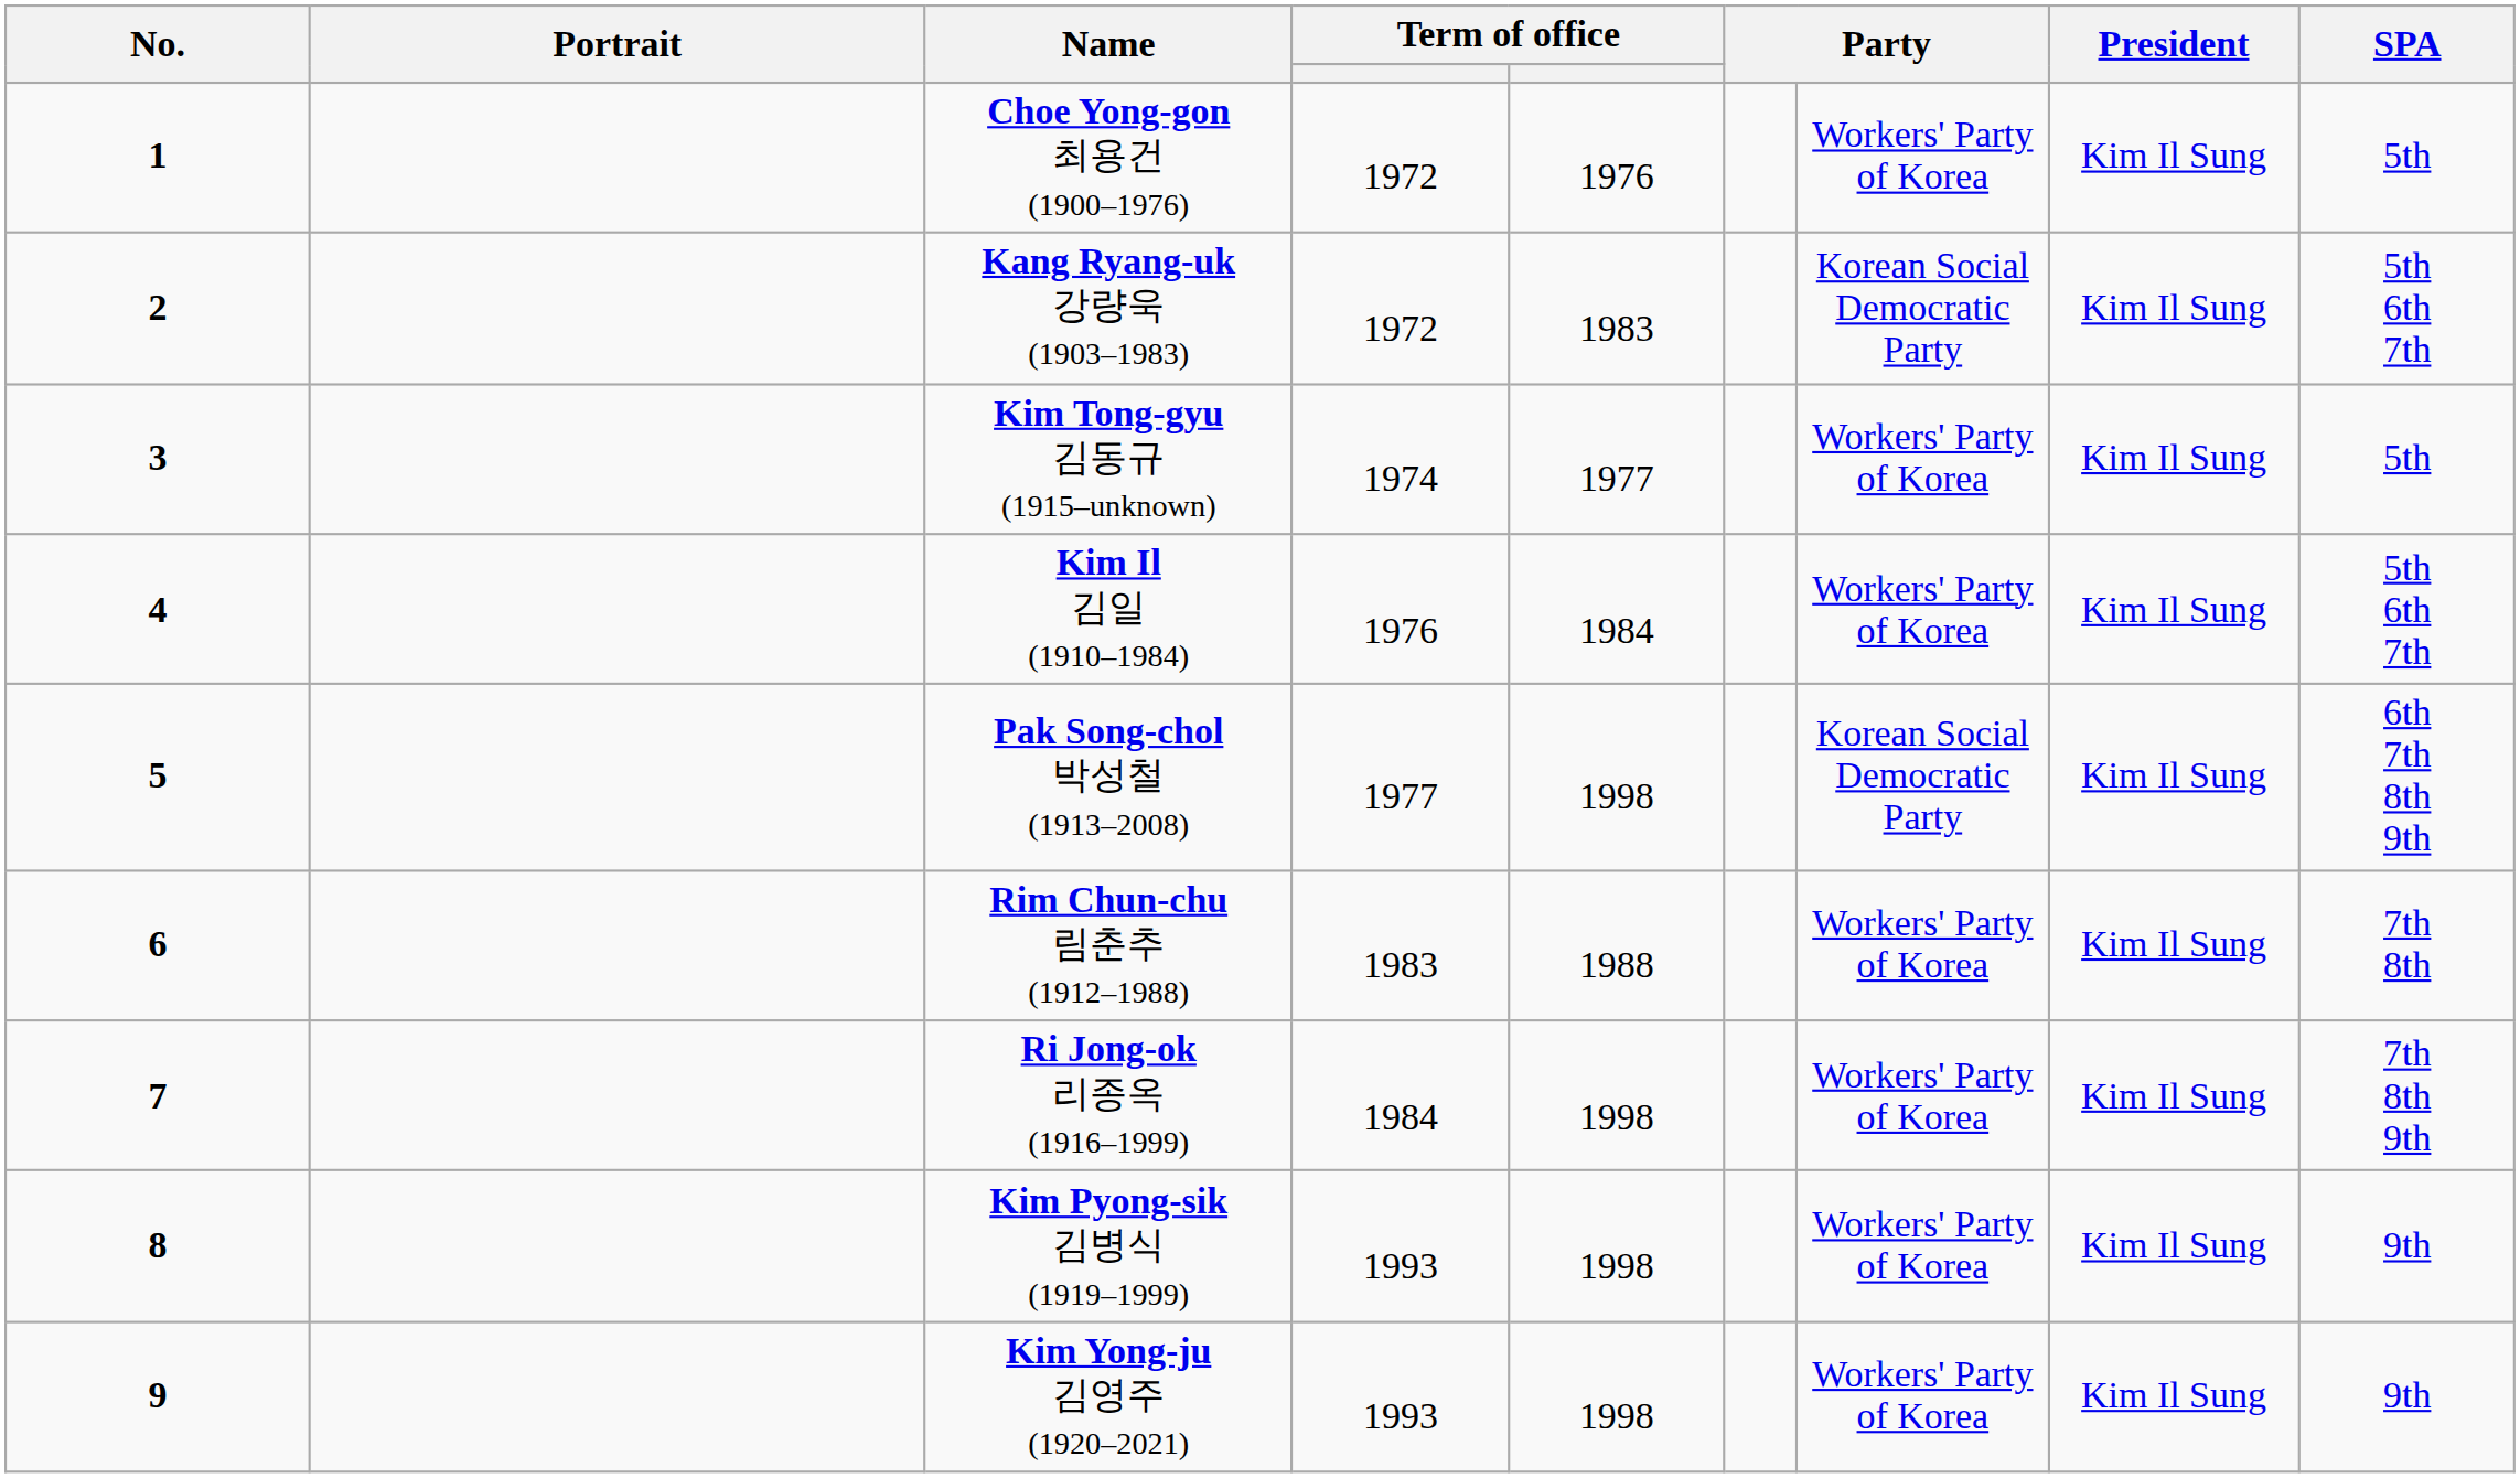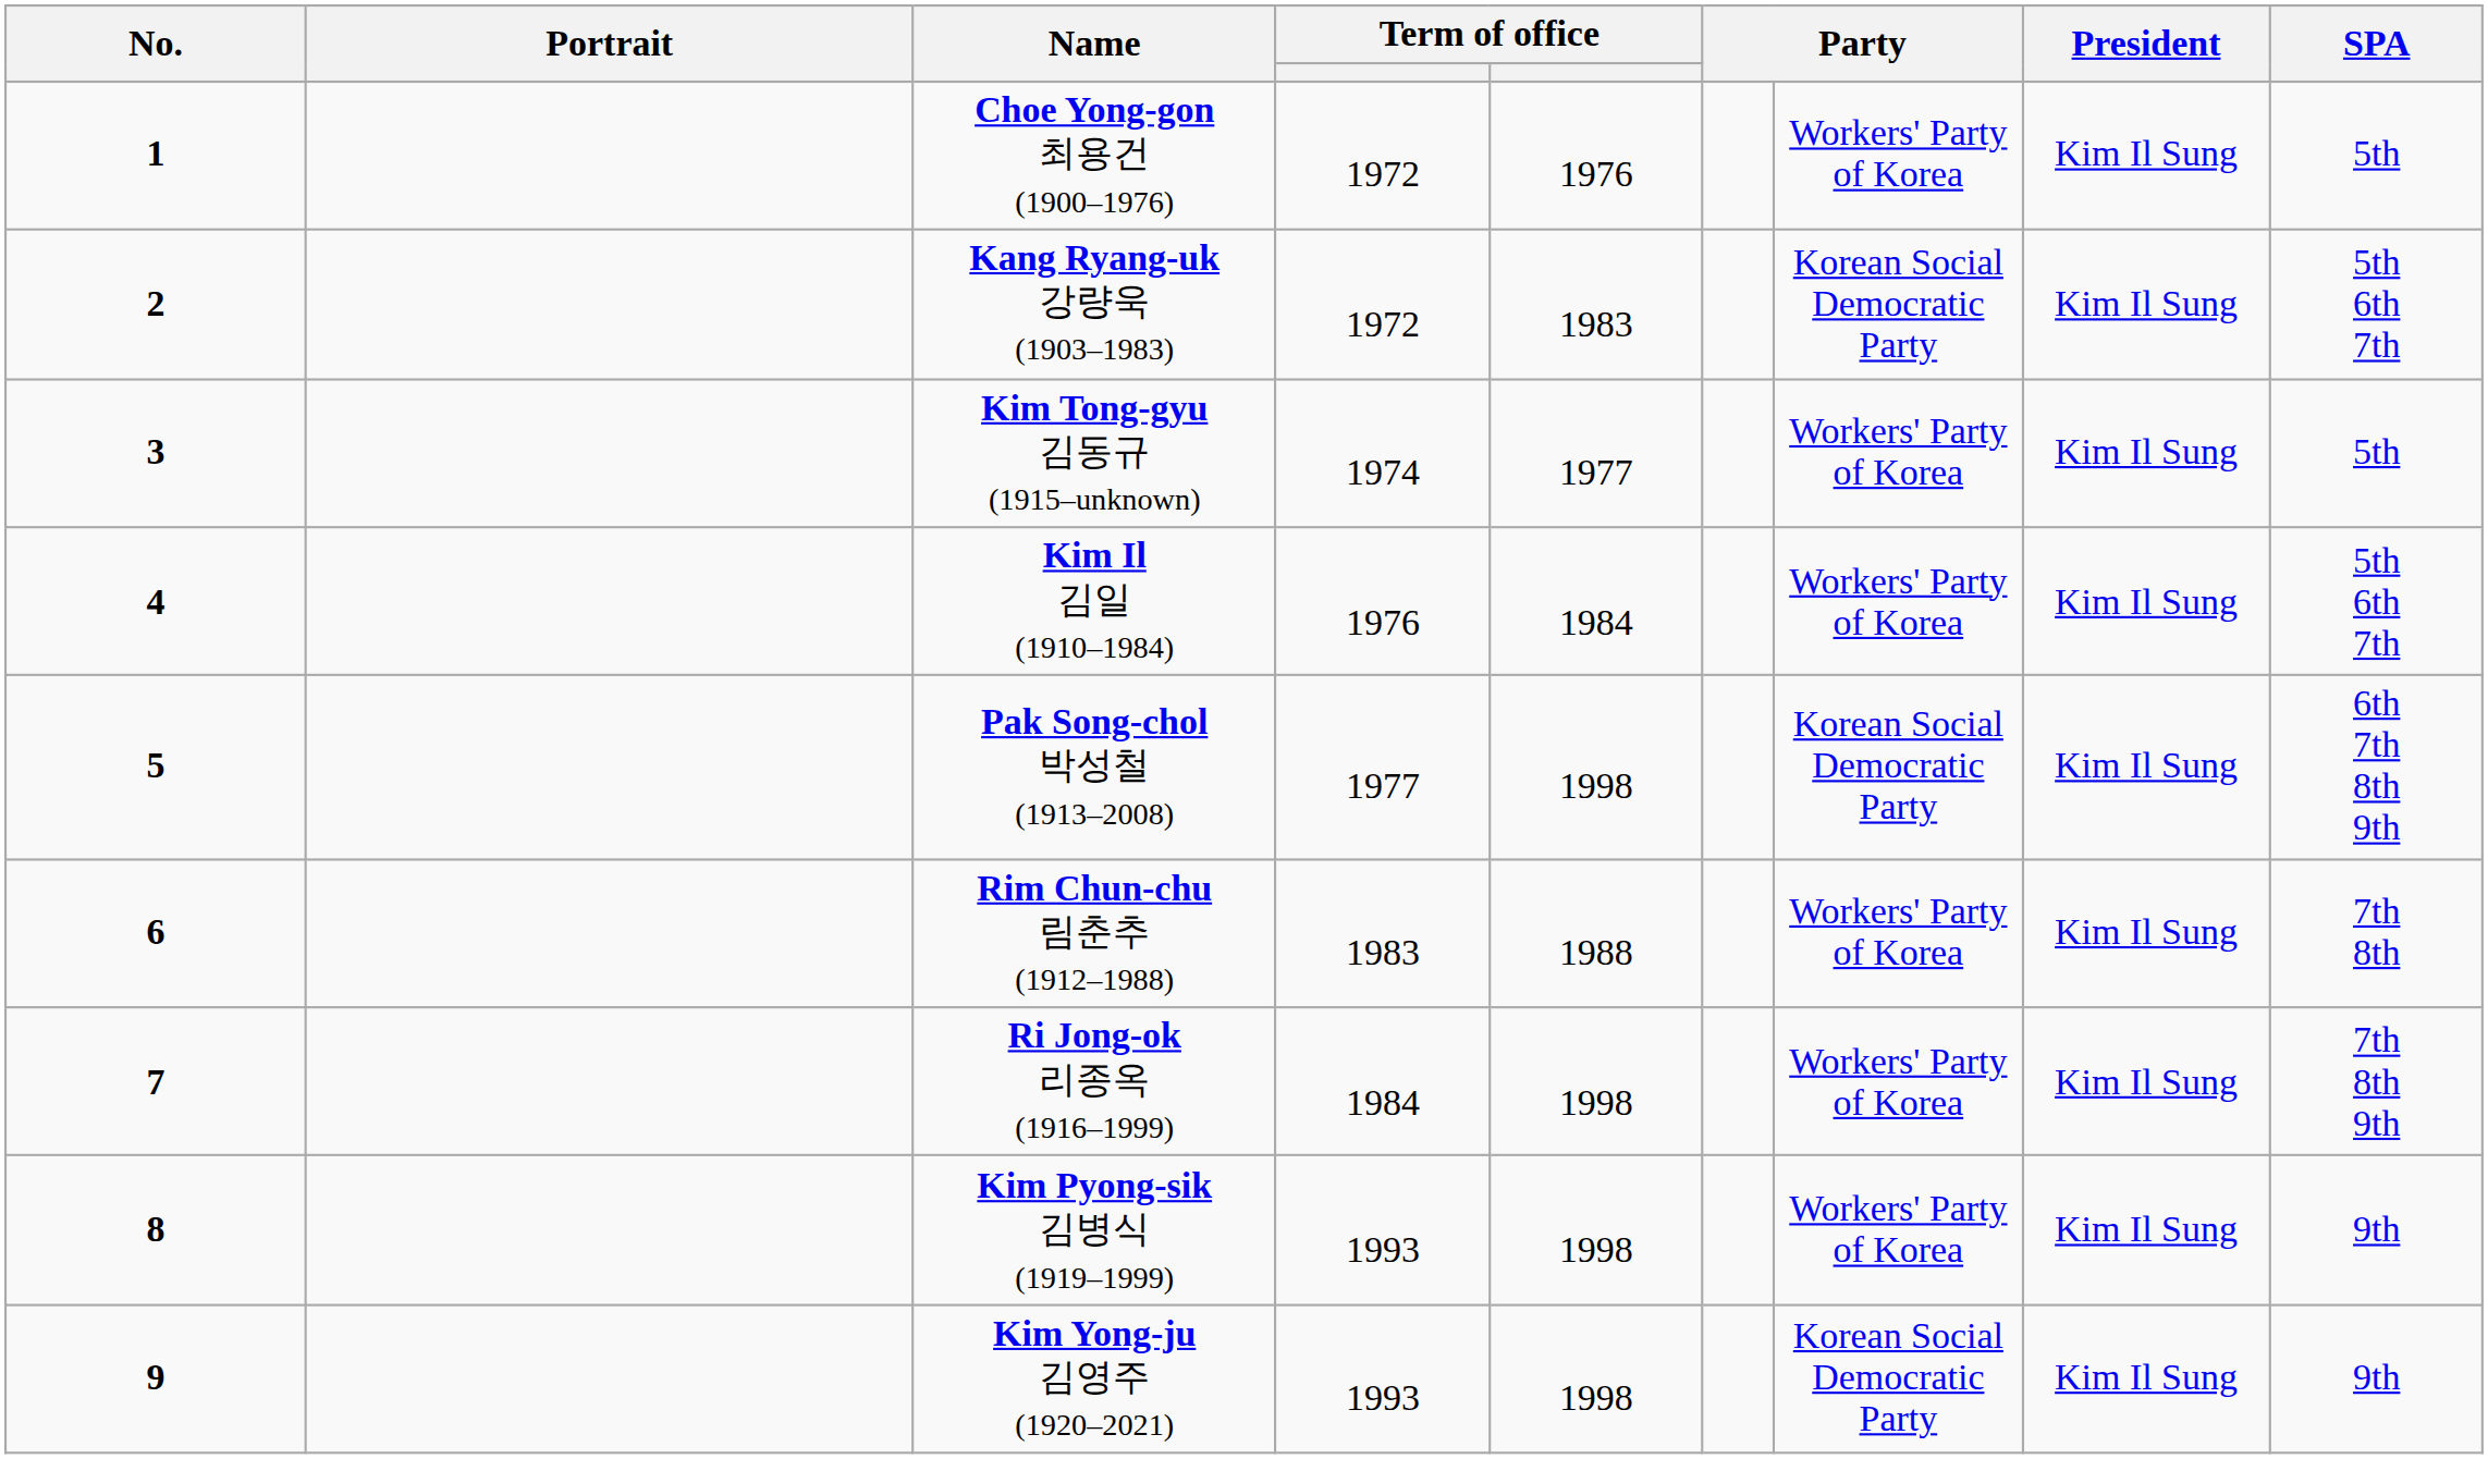 <table class="wikitable" style="text-align:center" width="85%">
 <tr>
 <th rowspan="2">No.</th>
 <th rowspan="2">Portrait</th>
 <th rowspan="2" width="150">Name<br></th>
 <th colspan="2">Term of office</th>
 <th colspan="2" rowspan="2">Party</th>
 <th rowspan="2" width="100"><a href='#'>President</a></th>
 <th rowspan="2" width="85"><a href='#'>SPA</a></th>
 </tr>
 <tr>
 <th width="85"></th>
 <th width="85"></th>
 </tr>
 <tr>
 <td><strong>1</strong></td>
 <td rowspan="1"></td>
 <td><strong><a href='#'>Choe Yong-gon</a></strong><br>최용건<br><small>(1900–1976)</small></td>
 <td rowspan="1"><br>1972</td>
 <td rowspan="1"><br>1976</td>
 <td style="background:"></td>
 <td rowspan="1" width="100"><a href='#'>Workers' Party of Korea</a></td>
 <td><a href='#'>Kim Il Sung</a></td>
 <td><a href='#'>5th</a></td>
 </tr>
 <tr>
 <td><strong>2</strong></td>
 <td rowspan="1"></td>
 <td><strong><a href='#'>Kang Ryang-uk</a></strong><br>강량욱<br><small>(1903–1983)</small></td>
 <td rowspan="1"><br>1972</td>
 <td><br>1983</td>
 <td style="background:"></td>
 <td rowspan="1"><a href='#'>Korean Social Democratic Party</a></td>
 <td><a href='#'>Kim Il Sung</a></td>
 <td><a href='#'>5th</a><br><a href='#'>6th</a><br><a href='#'>7th</a></td>
 </tr>
 <tr>
 <td><strong>3</strong></td>
 <td rowspan="1"></td>
 <td><strong><a href='#'>Kim Tong-gyu</a></strong><br>김동규<br><small>(1915–unknown)</small></td>
 <td rowspan="1"><br>1974</td>
 <td><br>1977</td>
 <td style="background:"></td>
 <td rowspan="1"><a href='#'>Workers' Party of Korea</a></td>
 <td><a href='#'>Kim Il Sung</a></td>
 <td><a href='#'>5th</a></td>
 </tr>
 <tr>
 <td><strong>4</strong></td>
 <td></td>
 <td><a href='#'><strong>Kim Il</strong></a><br>김일<br><small>(1910–1984)</small></td>
 <td rowspan="1"><br>1976</td>
 <td><br>1984</td>
 <td style="background:"></td>
 <td rowspan="1"><a href='#'>Workers' Party of Korea</a></td>
 <td><a href='#'>Kim Il Sung</a></td>
 <td><a href='#'>5th</a><br><a href='#'>6th</a><br><a href='#'>7th</a></td>
 </tr>
 <tr>
 <td><strong>5</strong></td>
 <td rowspan="1"></td>
 <td rowspan="1"><strong><a href='#'>Pak Song-chol</a></strong><br>박성철<br><small>(1913–2008)</small></td>
 <td><br>1977</td>
 <td><br>1998</td>
 <td style="background:"></td>
 <td rowspan="1"><a href='#'>Korean Social Democratic Party</a></td>
 <td><a href='#'>Kim Il Sung</a></td>
 <td><a href='#'>6th</a><br><a href='#'>7th</a><br><a href='#'>8th</a><br><a href='#'>9th</a></td>
 </tr>
 <tr>
 <td><strong>6</strong></td>
 <td rowspan="1"></td>
 <td><a href='#'><strong>Rim Chun-chu</strong></a><br>림춘추<br><small>(1912–1988)</small></td>
 <td><br>1983</td>
 <td><br>1988</td>
 <td style="background:"></td>
 <td rowspan="1"><a href='#'>Workers' Party of Korea</a></td>
 <td><a href='#'>Kim Il Sung</a></td>
 <td><a href='#'>7th</a><br><a href='#'>8th</a></td>
 </tr>
 <tr>
 <td><strong>7</strong></td>
 <td rowspan="1"></td>
 <td rowspan="1"><strong><a href='#'>Ri Jong-ok</a></strong><br>리종옥<br><small>(1916–1999)</small></td>
 <td><br>1984</td>
 <td><br>1998</td>
 <td style="background:"></td>
 <td rowspan="1"><a href='#'>Workers' Party of Korea</a></td>
 <td><a href='#'>Kim Il Sung</a></td>
 <td><a href='#'>7th</a><br><a href='#'>8th</a><br><a href='#'>9th</a></td>
 </tr>
 <tr>
 <td><strong>8</strong></td>
 <td rowspan="1"></td>
 <td rowspan="1"><strong><a href='#'>Kim Pyong-sik</a></strong><br>김병식<br><small>(1919–1999)</small></td>
 <td><br>1993</td>
 <td><br>1998</td>
 <td style="background:"></td>
 <td rowspan="1"><a href='#'>Workers' Party of Korea</a></td>
 <td><a href='#'>Kim Il Sung</a></td>
 <td><a href='#'>9th</a></td>
 </tr>
 <tr>
 <td><strong>9</strong></td>
 <td rowspan="1"></td>
 <td rowspan="1"><strong><a href='#'>Kim Yong-ju</a></strong><br>김영주<br><small>(1920–2021)</small></td>
 <td><br>1993</td>
 <td><br>1998</td>
 <td style="background:"></td>
-<td rowspan="1"><a href='#'>Workers' Party of Korea</a></td>
+<td><a href='#'>Korean Social Democratic Party</a></td>
 <td><a href='#'>Kim Il Sung</a></td>
 <td><a href='#'>9th</a></td>
 </tr>
 </table>
